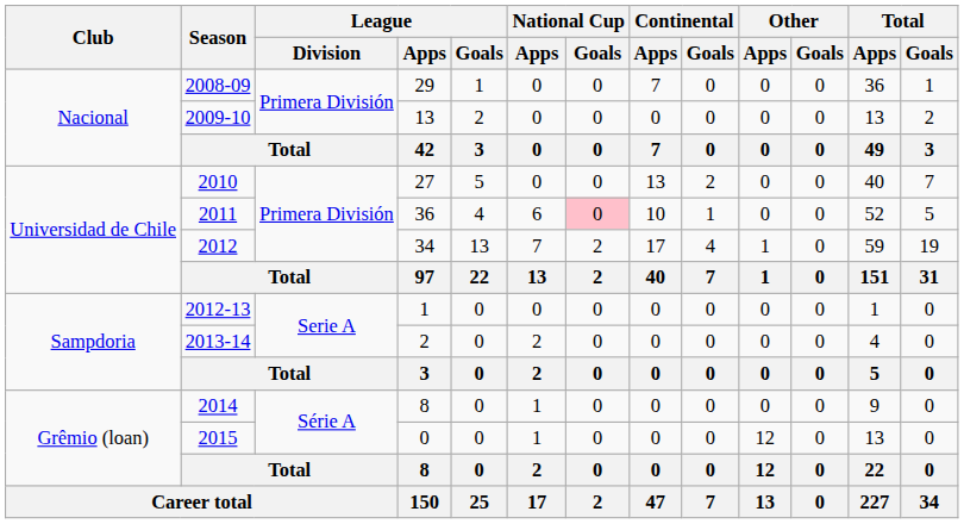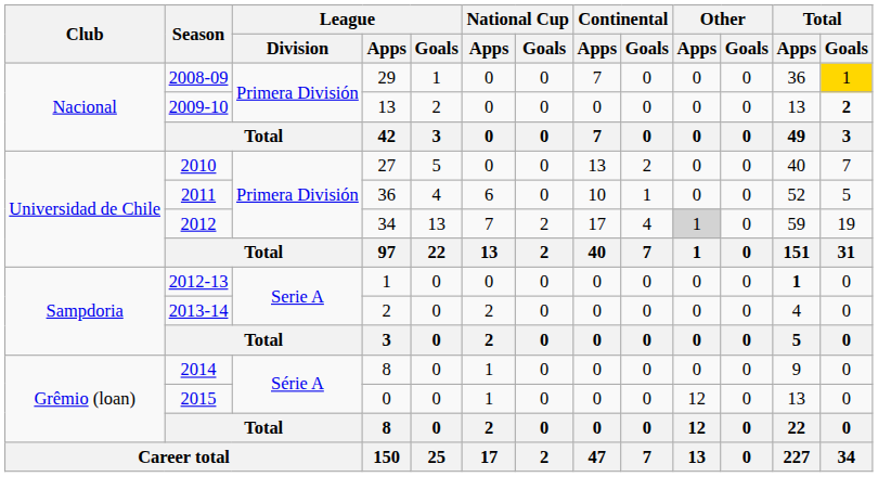 <table class="wikitable" style="font-size:96%; text-align: center;">
 <tr>
 <th rowspan="2">Club</th>
 <th rowspan="2">Season</th>
 <th colspan="3">League</th>
 <th colspan="2">National Cup</th>
 <th colspan="2">Continental</th>
 <th colspan="2">Other</th>
 <th colspan="2">Total</th>
 </tr>
 <tr>
 <th>Division</th>
 <th>Apps</th>
 <th>Goals</th>
 <th>Apps</th>
 <th>Goals</th>
 <th>Apps</th>
 <th>Goals</th>
 <th>Apps</th>
 <th>Goals</th>
 <th>Apps</th>
 <th>Goals</th>
 </tr>
 <tr>
 <td rowspan="3" valign="center"><a href='#'>Nacional</a></td>
 <td><a href='#'>2008-09</a></td>
 <td rowspan="2"><a href='#'>Primera División</a></td>
 <td>29</td>
 <td>1</td>
 <td>0</td>
 <td>0</td>
 <td>7</td>
 <td>0</td>
 <td>0</td>
 <td>0</td>
 <td>36</td>
-<td>1</td>
+<td style="background: gold;">1</td>
 </tr>
 <tr>
 <td><a href='#'>2009-10</a></td>
 <td>13</td>
 <td>2</td>
 <td>0</td>
 <td>0</td>
 <td>0</td>
 <td>0</td>
 <td>0</td>
 <td>0</td>
 <td>13</td>
-<td>2</td>
+<td><strong>2</strong></td>
 </tr>
 <tr>
 <th colspan="2">Total</th>
 <th>42</th>
 <th>3</th>
 <th>0</th>
 <th>0</th>
 <th>7</th>
 <th>0</th>
 <th>0</th>
 <th>0</th>
 <th>49</th>
 <th>3</th>
 </tr>
 <tr>
 <td rowspan="4" valign="center"><a href='#'>Universidad de Chile</a></td>
 <td><a href='#'>2010</a></td>
 <td rowspan="3"><a href='#'>Primera División</a></td>
 <td>27</td>
 <td>5</td>
 <td>0</td>
 <td>0</td>
 <td>13</td>
 <td>2</td>
 <td>0</td>
 <td>0</td>
 <td>40</td>
 <td>7</td>
 </tr>
 <tr>
 <td><a href='#'>2011</a></td>
 <td>36</td>
 <td>4</td>
 <td>6</td>
-<td style="background: pink;">0</td>
+<td>0</td>
 <td>10</td>
 <td>1</td>
 <td>0</td>
 <td>0</td>
 <td>52</td>
 <td>5</td>
 </tr>
 <tr>
 <td><a href='#'>2012</a></td>
 <td>34</td>
 <td>13</td>
 <td>7</td>
 <td>2</td>
 <td>17</td>
 <td>4</td>
-<td>1</td>
+<td style="background: lightgrey;">1</td>
 <td>0</td>
 <td>59</td>
 <td>19</td>
 </tr>
 <tr>
 <th colspan="2">Total</th>
 <th>97</th>
 <th>22</th>
 <th>13</th>
 <th>2</th>
 <th>40</th>
 <th>7</th>
 <th>1</th>
 <th>0</th>
 <th>151</th>
 <th>31</th>
 </tr>
 <tr>
 <td rowspan="3" valign="center"><a href='#'>Sampdoria</a></td>
 <td><a href='#'>2012-13</a></td>
 <td rowspan="2"><a href='#'>Serie A</a></td>
 <td>1</td>
 <td>0</td>
 <td>0</td>
 <td>0</td>
 <td>0</td>
 <td>0</td>
 <td>0</td>
 <td>0</td>
-<td>1</td>
+<td><strong>1</strong></td>
 <td>0</td>
 </tr>
 <tr>
 <td><a href='#'>2013-14</a></td>
 <td>2</td>
 <td>0</td>
 <td>2</td>
 <td>0</td>
 <td>0</td>
 <td>0</td>
 <td>0</td>
 <td>0</td>
 <td>4</td>
 <td>0</td>
 </tr>
 <tr>
 <th colspan="2">Total</th>
 <th>3</th>
 <th>0</th>
 <th>2</th>
 <th>0</th>
 <th>0</th>
 <th>0</th>
 <th>0</th>
 <th>0</th>
 <th>5</th>
 <th>0</th>
 </tr>
 <tr>
 <td rowspan="3" valign="center"><a href='#'>Grêmio</a> (loan)</td>
 <td><a href='#'>2014</a></td>
 <td rowspan="2"><a href='#'>Série A</a></td>
 <td>8</td>
 <td>0</td>
 <td>1</td>
 <td>0</td>
 <td>0</td>
 <td>0</td>
 <td>0</td>
 <td>0</td>
 <td>9</td>
 <td>0</td>
 </tr>
 <tr>
 <td><a href='#'>2015</a></td>
 <td>0</td>
 <td>0</td>
 <td>1</td>
 <td>0</td>
 <td>0</td>
 <td>0</td>
 <td>12</td>
 <td>0</td>
 <td>13</td>
 <td>0</td>
 </tr>
 <tr>
 <th colspan="2">Total</th>
 <th>8</th>
 <th>0</th>
 <th>2</th>
 <th>0</th>
 <th>0</th>
 <th>0</th>
 <th>12</th>
 <th>0</th>
 <th>22</th>
 <th>0</th>
 </tr>
 <tr>
 <th colspan="3">Career total</th>
 <th>150</th>
 <th>25</th>
 <th>17</th>
 <th>2</th>
 <th>47</th>
 <th>7</th>
 <th>13</th>
 <th>0</th>
 <th>227</th>
 <th>34</th>
 </tr>
 </table>
